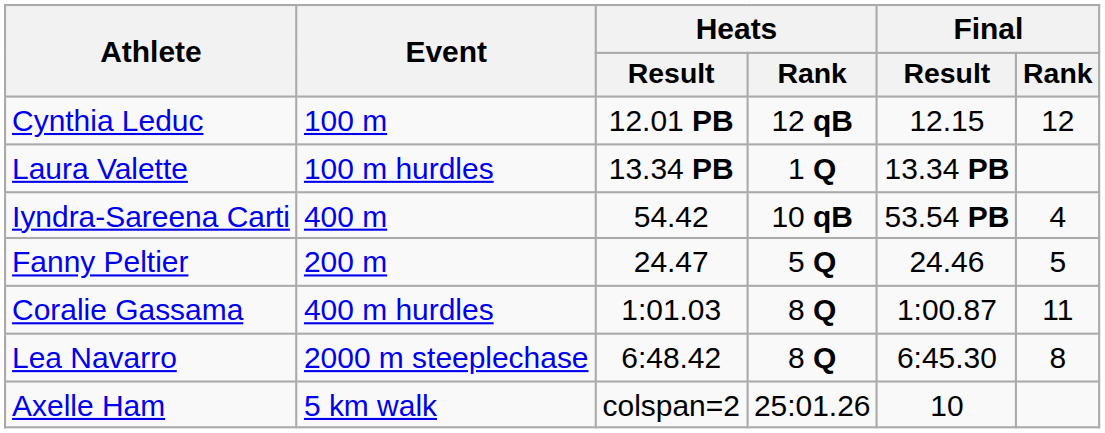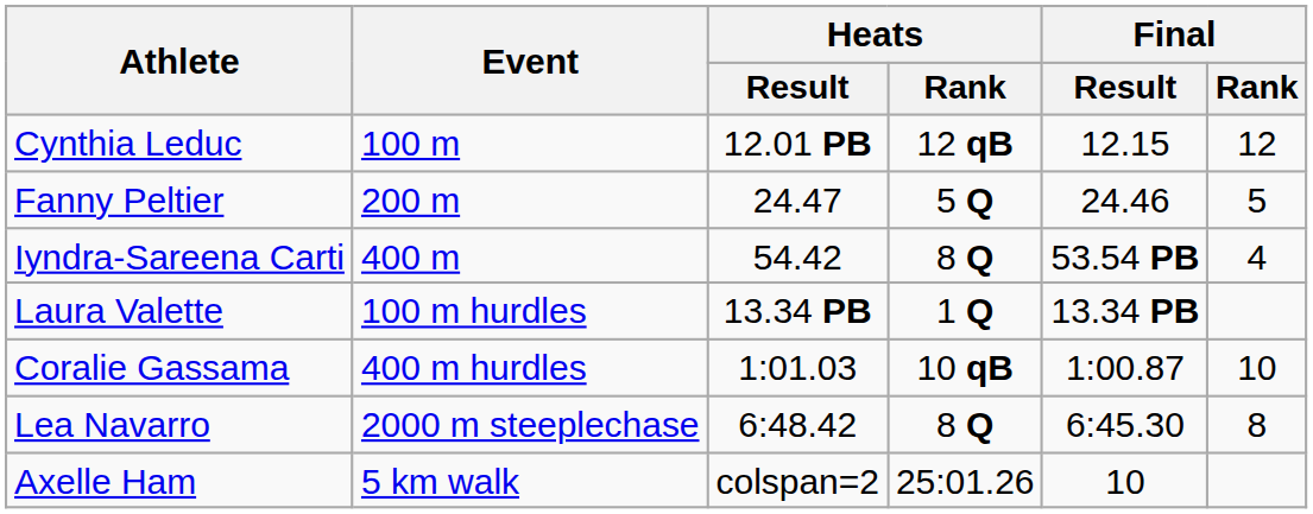 <table class="wikitable" style="font-size:90%">
 <tr>
 <th rowspan=2>Athlete</th>
 <th rowspan=2>Event</th>
 <th colspan=2>Heats</th>
 <th colspan=2>Final</th>
 </tr>
 <tr style="font-size:95%">
 <th>Result</th>
 <th>Rank</th>
 <th>Result</th>
 <th>Rank</th>
 </tr>
 <tr align=center>
 <td align=left><a href='#'>Cynthia Leduc</a></td>
 <td align=left><a href='#'>100 m</a></td>
 <td>12.01 <strong>PB</strong></td>
 <td>12 <strong>qB</strong></td>
 <td>12.15</td>
 <td>12</td>
 </tr>
 <tr align=center>
+<td align=left><a href='#'>Fanny Peltier</a></td>
+<td align=left><a href='#'>200 m</a></td>
+<td>24.47</td>
+<td>5 <strong>Q</strong></td>
+<td>24.46</td>
+<td>5</td>
+</tr>
+<tr align=center>
+<td align=left><a href='#'>Iyndra-Sareena Carti</a></td>
+<td align=left><a href='#'>400 m</a></td>
+<td>54.42</td>
+<td>8 <strong>Q</strong></td>
+<td>53.54	<strong>PB</strong></td>
+<td>4</td>
+</tr>
+<tr align=center>
 <td align=left><a href='#'>Laura Valette</a></td>
 <td align=left><a href='#'>100 m hurdles</a></td>
 <td>13.34	<strong>PB</strong></td>
 <td>1 <strong>Q</strong></td>
 <td>13.34	<strong>PB</strong></td>
 <td></td>
 </tr>
 <tr align=center>
-<td align=left><a href='#'>Iyndra-Sareena Carti</a></td>
-<td align=left><a href='#'>400 m</a></td>
-<td>54.42</td>
-<td>10 <strong>qB</strong></td>
-<td>53.54	<strong>PB</strong></td>
-<td>4</td>
-</tr>
-<tr align=center>
-<td align=left><a href='#'>Fanny Peltier</a></td>
-<td align=left><a href='#'>200 m</a></td>
-<td>24.47</td>
-<td>5 <strong>Q</strong></td>
-<td>24.46</td>
-<td>5</td>
-</tr>
-<tr align=center>
 <td align=left><a href='#'>Coralie Gassama</a></td>
 <td align=left><a href='#'>400 m hurdles</a></td>
 <td>1:01.03</td>
-<td>8 <strong>Q</strong></td>
+<td>10 <strong>qB</strong></td>
 <td>1:00.87</td>
-<td>11</td>
+<td>10</td>
 </tr>
 <tr align=center>
 <td align=left><a href='#'>Lea Navarro</a></td>
 <td align=left><a href='#'>2000 m steeplechase</a></td>
 <td>6:48.42</td>
 <td>8 <strong>Q</strong></td>
 <td>6:45.30</td>
 <td>8</td>
 </tr>
 <tr align=center>
 <td align=left><a href='#'>Axelle Ham</a></td>
 <td align=left><a href='#'>5 km walk</a></td>
 <td>colspan=2 </td>
 <td>25:01.26</td>
 <td>10</td>
 </tr>
 </table>
